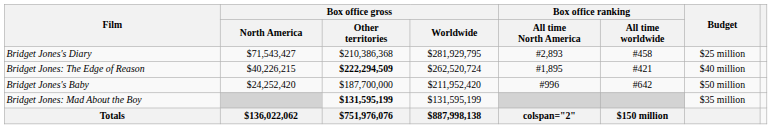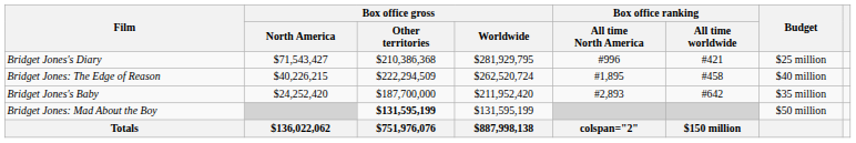 <table class="wikitable" style="width:99%;">
 <tr>
 <th rowspan="2">Film</th>
 <th colspan="3">Box office gross</th>
 <th colspan="2" text="wrap">Box office ranking</th>
 <th rowspan="2">Budget</th>
 <th rowspan="2"></th>
 </tr>
 <tr>
 <th>North America</th>
 <th>Other<br>territories</th>
 <th>Worldwide</th>
 <th>All time<br>North America</th>
 <th>All time<br>worldwide</th>
 </tr>
 <tr>
 <td><em>Bridget Jones's Diary</em></td>
 <td style="text-align:center;">$71,543,427</td>
 <td style="text-align:center;">$210,386,368</td>
 <td style="text-align:center;">$281,929,795</td>
-<td style="text-align:center;">#2,893</td>
-<td style="text-align:center;">#458</td>
+<td style="text-align:center;">#996</td>
+<td style="text-align:center;">#421</td>
 <td style="text-align:center;">$25 million</td>
 <td></td>
 </tr>
 <tr>
 <td><em>Bridget Jones: The Edge of Reason</em></td>
 <td style="text-align:center;">$40,226,215</td>
-<td style="text-align:center;"><strong>$222,294,509</strong></td>
+<td style="text-align:center;">$222,294,509</td>
 <td style="text-align:center;">$262,520,724</td>
 <td style="text-align:center;">#1,895</td>
-<td style="text-align:center;">#421</td>
+<td style="text-align:center;">#458</td>
 <td style="text-align:center;">$40 million</td>
 <td></td>
 </tr>
 <tr>
 <td><em>Bridget Jones's Baby</em></td>
 <td style="text-align:center;">$24,252,420</td>
 <td style="text-align:center;">$187,700,000</td>
 <td style="text-align:center;">$211,952,420</td>
-<td style="text-align:center;">#996</td>
+<td style="text-align:center;">#2,893</td>
 <td style="text-align:center;">#642</td>
-<td style="text-align:center;">$50 million</td>
+<td style="text-align:center;">$35 million</td>
 <td></td>
 </tr>
 <tr>
 <td><em>Bridget Jones: Mad About the Boy</em></td>
 <td style="background:#d3d3d3;"></td>
 <td style="text-align:center;"><strong>$131,595,199</strong></td>
 <td style="text-align:center;">$131,595,199</td>
 <td style="background:#d3d3d3;"></td>
 <td style="background:#d3d3d3;"></td>
-<td style="text-align:center;">$35 million</td>
+<td style="text-align:center;">$50 million</td>
 <td></td>
 </tr>
 <tr>
 <th>Totals</th>
 <th>$136,022,062</th>
 <th>$751,976,076</th>
 <th>$887,998,138</th>
 <th>colspan="2" </th>
 <th>$150 million</th>
 <th></th>
 </tr>
 </table>
